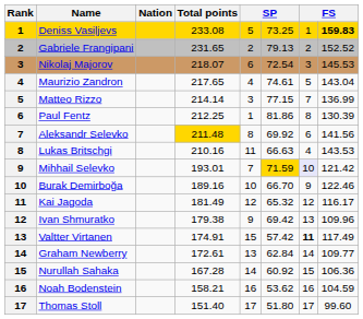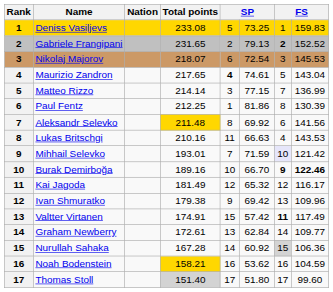 <table class="wikitable sortable">
 <tr>
 <th>Rank</th>
 <th>Name</th>
 <th>Nation</th>
 <th>Total points</th>
 <th colspan="2" width="80px"><a href='#'>SP</a></th>
 <th colspan="2" width="80px"><a href='#'>FS</a></th>
 </tr>
 <tr bgcolor="gold">
 <td align="center"><strong>1</strong></td>
 <td><a href='#'>Deniss Vasiļjevs</a></td>
 <td></td>
 <td align="center">233.08</td>
 <td align="center">5</td>
 <td align="center">73.25</td>
 <td align="center">1</td>
-<td align="center"><strong>159.83</strong></td>
+<td align="center">159.83</td>
 </tr>
 <tr bgcolor="silver">
 <td align="center"><strong>2</strong></td>
 <td><a href='#'>Gabriele Frangipani</a></td>
 <td></td>
 <td align="center">231.65</td>
 <td align="center">2</td>
 <td align="center">79.13</td>
-<td align="center">2</td>
+<td align="center"><strong>2</strong></td>
 <td align="center">152.52</td>
 </tr>
 <tr bgcolor="cc9966">
 <td align="center"><strong>3</strong></td>
 <td><a href='#'>Nikolaj Majorov</a></td>
 <td></td>
 <td align="center">218.07</td>
 <td align="center">6</td>
 <td align="center">72.54</td>
 <td align="center">3</td>
 <td align="center">145.53</td>
 </tr>
 <tr>
 <th>4</th>
 <td><a href='#'>Maurizio Zandron</a></td>
 <td></td>
 <td align="center">217.65</td>
-<td align="center">4</td>
+<td align="center"><strong>4</strong></td>
 <td align="center">74.61</td>
 <td align="center">5</td>
 <td align="center">143.04</td>
 </tr>
 <tr>
 <th>5</th>
 <td><a href='#'>Matteo Rizzo</a></td>
 <td></td>
 <td align="center">214.14</td>
 <td align="center">3</td>
 <td align="center">77.15</td>
 <td align="center">7</td>
 <td align="center">136.99</td>
 </tr>
 <tr>
 <th>6</th>
 <td><a href='#'>Paul Fentz</a></td>
 <td></td>
 <td align="center">212.25</td>
 <td align="center">1</td>
 <td align="center">81.86</td>
 <td align="center">8</td>
 <td align="center">130.39</td>
 </tr>
 <tr>
 <th>7</th>
 <td><a href='#'>Aleksandr Selevko</a></td>
 <td></td>
 <td align="center" style="background: gold;">211.48</td>
 <td align="center">8</td>
 <td align="center">69.92</td>
 <td align="center">6</td>
 <td align="center">141.56</td>
 </tr>
 <tr>
 <th>8</th>
 <td><a href='#'>Lukas Britschgi</a></td>
 <td></td>
 <td align="center">210.16</td>
 <td align="center">11</td>
 <td align="center">66.63</td>
 <td align="center">4</td>
 <td align="center">143.53</td>
 </tr>
 <tr>
 <th>9</th>
 <td><a href='#'>Mihhail Selevko</a></td>
 <td></td>
 <td align="center">193.01</td>
 <td align="center">7</td>
-<td align="center" style="background: gold;">71.59</td>
+<td align="center">71.59</td>
 <td align="center" style="background: lavender;">10</td>
 <td align="center">121.42</td>
 </tr>
 <tr>
 <th>10</th>
 <td><a href='#'>Burak Demirboğa</a></td>
 <td></td>
 <td align="center">189.16</td>
 <td align="center">10</td>
 <td align="center">66.70</td>
-<td align="center">9</td>
-<td align="center">122.46</td>
+<td align="center"><strong>9</strong></td>
+<td align="center"><strong>122.46</strong></td>
 </tr>
 <tr>
 <th>11</th>
 <td><a href='#'>Kai Jagoda</a></td>
 <td></td>
 <td align="center">181.49</td>
 <td align="center">12</td>
 <td align="center">65.32</td>
 <td align="center">12</td>
 <td align="center">116.17</td>
 </tr>
 <tr>
 <th>12</th>
 <td><a href='#'>Ivan Shmuratko</a></td>
 <td></td>
 <td align="center">179.38</td>
 <td align="center">9</td>
 <td align="center">69.42</td>
 <td align="center">13</td>
 <td align="center">109.96</td>
 </tr>
 <tr>
 <th>13</th>
 <td><a href='#'>Valtter Virtanen</a></td>
 <td></td>
 <td align="center">174.91</td>
 <td align="center">15</td>
 <td align="center">57.42</td>
 <td align="center"><strong>11</strong></td>
 <td align="center">117.49</td>
 </tr>
 <tr>
 <th>14</th>
 <td><a href='#'>Graham Newberry</a></td>
 <td></td>
 <td align="center">172.61</td>
 <td align="center">13</td>
 <td align="center">62.84</td>
 <td align="center">14</td>
 <td align="center">109.77</td>
 </tr>
 <tr>
 <th>15</th>
 <td><a href='#'>Nurullah Sahaka</a></td>
 <td></td>
 <td align="center">167.28</td>
 <td align="center">14</td>
 <td align="center">60.92</td>
-<td align="center">15</td>
+<td align="center" style="background: lightgrey;">15</td>
 <td align="center">106.36</td>
 </tr>
 <tr>
 <th>16</th>
 <td><a href='#'>Noah Bodenstein</a></td>
 <td></td>
-<td align="center">158.21</td>
+<td align="center" style="background: gold;">158.21</td>
 <td align="center">16</td>
 <td align="center">53.62</td>
 <td align="center">16</td>
 <td align="center">104.59</td>
 </tr>
 <tr>
 <th>17</th>
 <td><a href='#'>Thomas Stoll</a></td>
 <td></td>
-<td align="center">151.40</td>
+<td align="center" style="background: lightgrey;">151.40</td>
 <td align="center">17</td>
 <td align="center">51.80</td>
 <td align="center">17</td>
 <td align="center">99.60</td>
 </tr>
 </table>
